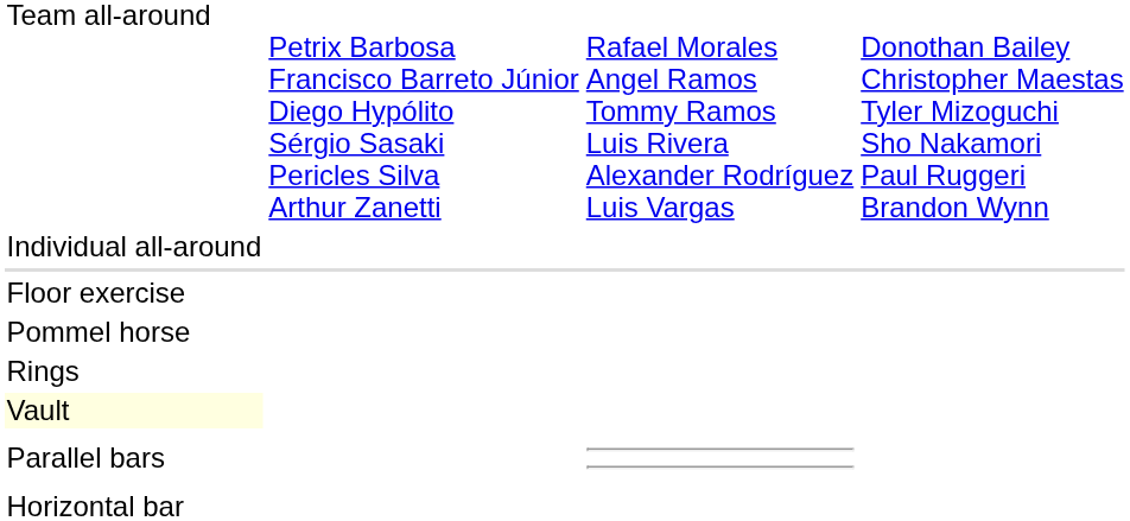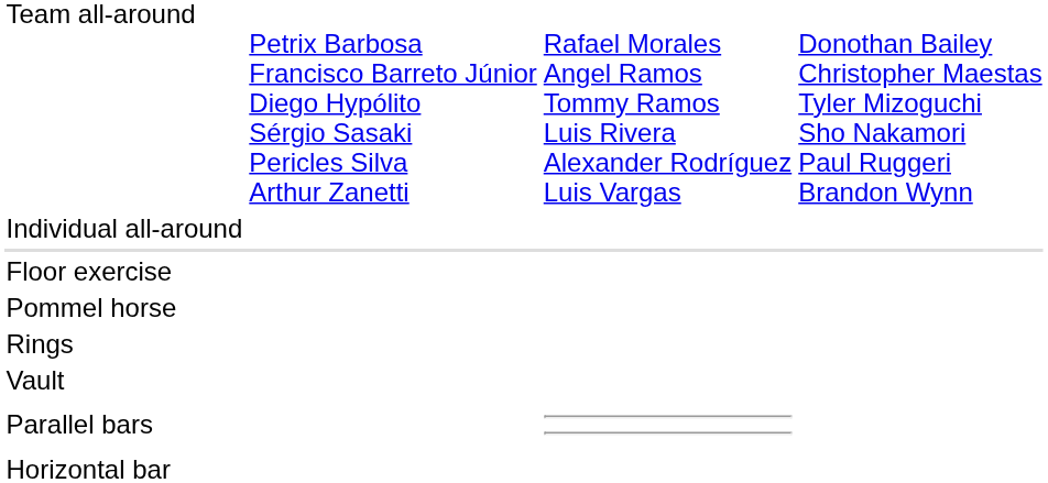 <table>
 <tr valign="top">
 <td>Team all-around<br></td>
 <td><br><a href='#'>Petrix Barbosa</a><br><a href='#'>Francisco Barreto Júnior</a><br><a href='#'>Diego Hypólito</a><br><a href='#'>Sérgio Sasaki</a><br><a href='#'>Pericles Silva</a><br><a href='#'>Arthur Zanetti</a></td>
 <td><br><a href='#'>Rafael Morales</a><br><a href='#'>Angel Ramos</a><br><a href='#'>Tommy Ramos</a><br><a href='#'>Luis Rivera</a><br><a href='#'>Alexander Rodríguez</a><br><a href='#'>Luis Vargas</a></td>
 <td><br><a href='#'>Donothan Bailey</a><br><a href='#'>Christopher Maestas</a><br><a href='#'>Tyler Mizoguchi</a><br><a href='#'>Sho Nakamori</a><br><a href='#'>Paul Ruggeri</a><br><a href='#'>Brandon Wynn</a></td>
 </tr>
 <tr>
 <td>Individual all-around<br></td>
 <td></td>
 <td></td>
 <td></td>
 </tr>
 <tr bgcolor=#DDDDDD>
 <td colspan=7></td>
 </tr>
 <tr>
 <td>Floor exercise<br></td>
 <td></td>
 <td></td>
 <td></td>
 </tr>
 <tr>
 <td>Pommel horse<br></td>
 <td></td>
 <td></td>
 <td></td>
 </tr>
 <tr>
 <td>Rings<br></td>
 <td></td>
 <td></td>
 <td></td>
 </tr>
 <tr>
-<td style="background: lightyellow;">Vault<br></td>
+<td>Vault<br></td>
 <td></td>
 <td></td>
 <td></td>
 </tr>
 <tr>
 <td>Parallel bars<br></td>
 <td></td>
 <td><hr><hr></td>
 <td></td>
 </tr>
 <tr>
 <td>Horizontal bar<br></td>
 <td></td>
 <td></td>
 <td></td>
 </tr>
 </table>
